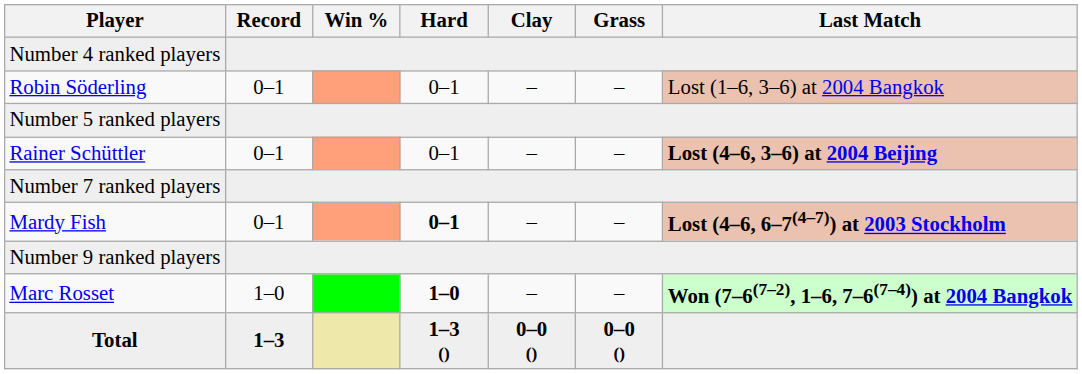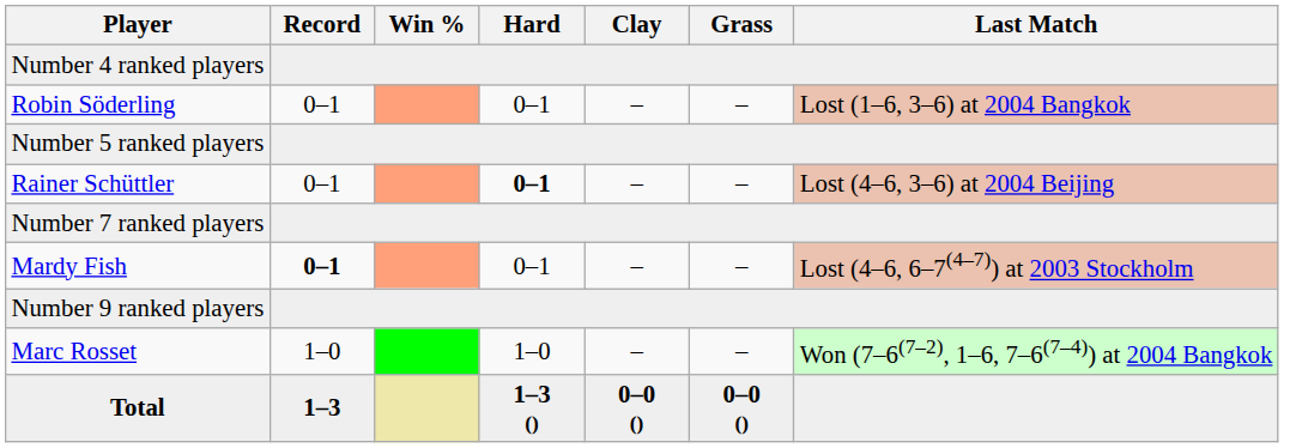 <table class="wikitable sortable nowrap" style=text-align:center>
 <tr>
 <th>Player</th>
 <th width=60>Record</th>
 <th width=60>Win %</th>
 <th width=60>Hard</th>
 <th width=60>Clay</th>
 <th width=60>Grass</th>
 <th>Last Match</th>
 </tr>
 <tr style=background:#efefef>
 <td align="left">Number 4 ranked players</td>
 <td colspan="6"></td>
 </tr>
 <tr>
 <td align=left> <a href='#'>Robin Söderling</a></td>
 <td>0–1</td>
 <td bgcolor=FFA07A></td>
 <td>0–1</td>
 <td>–</td>
 <td>–</td>
 <td style=background:#ebc2af;text-align:left>Lost (1–6, 3–6) at <a href='#'>2004 Bangkok</a></td>
 </tr>
 <tr style=background:#efefef>
 <td align="left">Number 5 ranked players</td>
 <td colspan="6"></td>
 </tr>
 <tr>
 <td align=left> <a href='#'>Rainer Schüttler</a></td>
 <td>0–1</td>
 <td bgcolor=FFA07A></td>
-<td>0–1</td>
+<td><strong>0–1</strong></td>
 <td>–</td>
 <td>–</td>
-<td style=background:#ebc2af;text-align:left><strong>Lost (4–6, 3–6) at <a href='#'>2004 Beijing</a></strong></td>
+<td style=background:#ebc2af;text-align:left>Lost (4–6, 3–6) at <a href='#'>2004 Beijing</a></td>
 </tr>
 <tr style=background:#efefef>
 <td align=left>Number 7 ranked players</td>
 <td colspan=6></td>
 </tr>
 <tr>
 <td align=left> <a href='#'>Mardy Fish</a></td>
+<td><strong>0–1</strong></td>
+<td bgcolor=FFA07A></td>
 <td>0–1</td>
-<td bgcolor=FFA07A></td>
-<td><strong>0–1</strong></td>
 <td>–</td>
 <td>–</td>
-<td style=background:#ebc2af;text-align:left><strong>Lost (4–6, 6–7<sup>(4–7)</sup>) at <a href='#'>2003 Stockholm</a></strong></td>
+<td style=background:#ebc2af;text-align:left>Lost (4–6, 6–7<sup>(4–7)</sup>) at <a href='#'>2003 Stockholm</a></td>
 </tr>
 <tr style=background:#efefef>
 <td align=left>Number 9 ranked players</td>
 <td colspan=6></td>
 </tr>
 <tr>
 <td align=left> <a href='#'>Marc Rosset</a></td>
 <td>1–0</td>
 <td bgcolor=LIME></td>
-<td><strong>1–0</strong></td>
+<td>1–0</td>
 <td>–</td>
 <td>–</td>
-<td style=background:#cfc;text-align:left><strong>Won (7–6<sup>(7–2)</sup>, 1–6, 7–6<sup>(7–4)</sup>) at <a href='#'>2004 Bangkok</a></strong></td>
+<td style=background:#cfc;text-align:left>Won (7–6<sup>(7–2)</sup>, 1–6, 7–6<sup>(7–4)</sup>) at <a href='#'>2004 Bangkok</a></td>
 </tr>
 <tr bgcolor=efefef class="sortbottom">
 <td><strong>Total</strong></td>
 <td><strong>1–3</strong></td>
 <td bgcolor=#EEE8AA><strong></strong></td>
 <td><strong>1–3<br> <small>()</small></strong></td>
 <td><strong>0–0<br> <small>()</small></strong></td>
 <td><strong>0–0<br> <small>()</small></strong></td>
 <td></td>
 </tr>
 </table>
